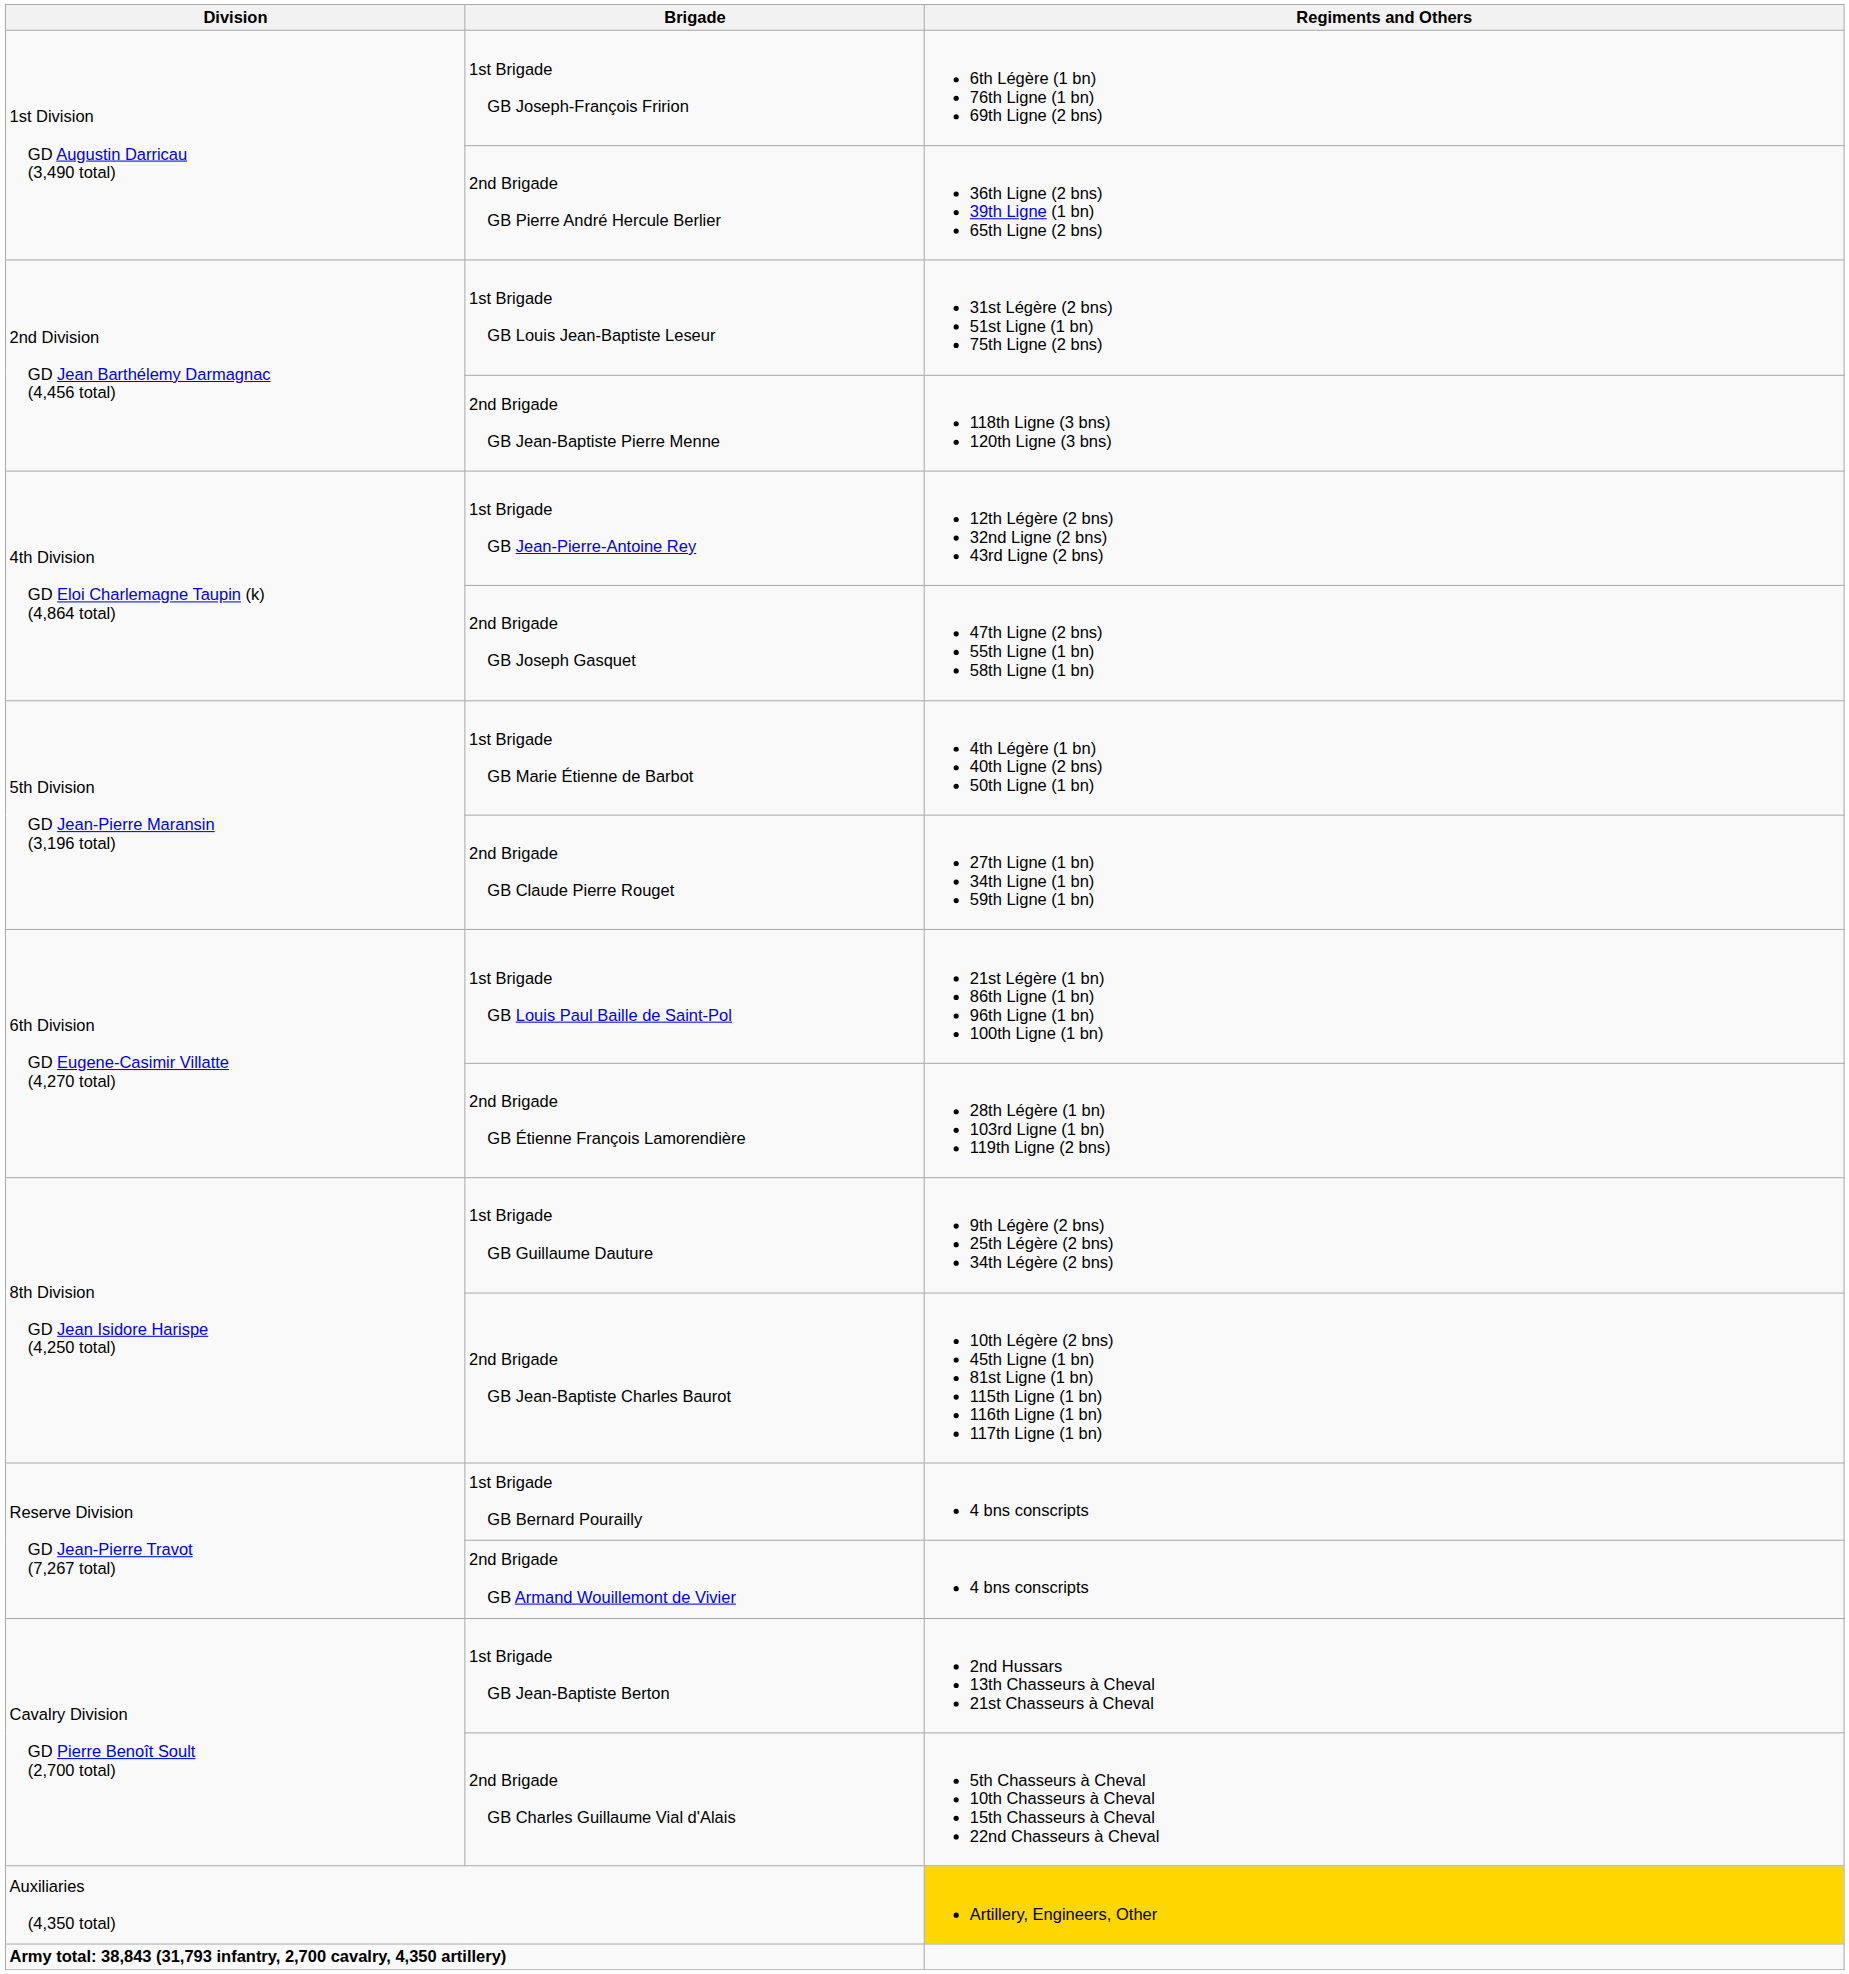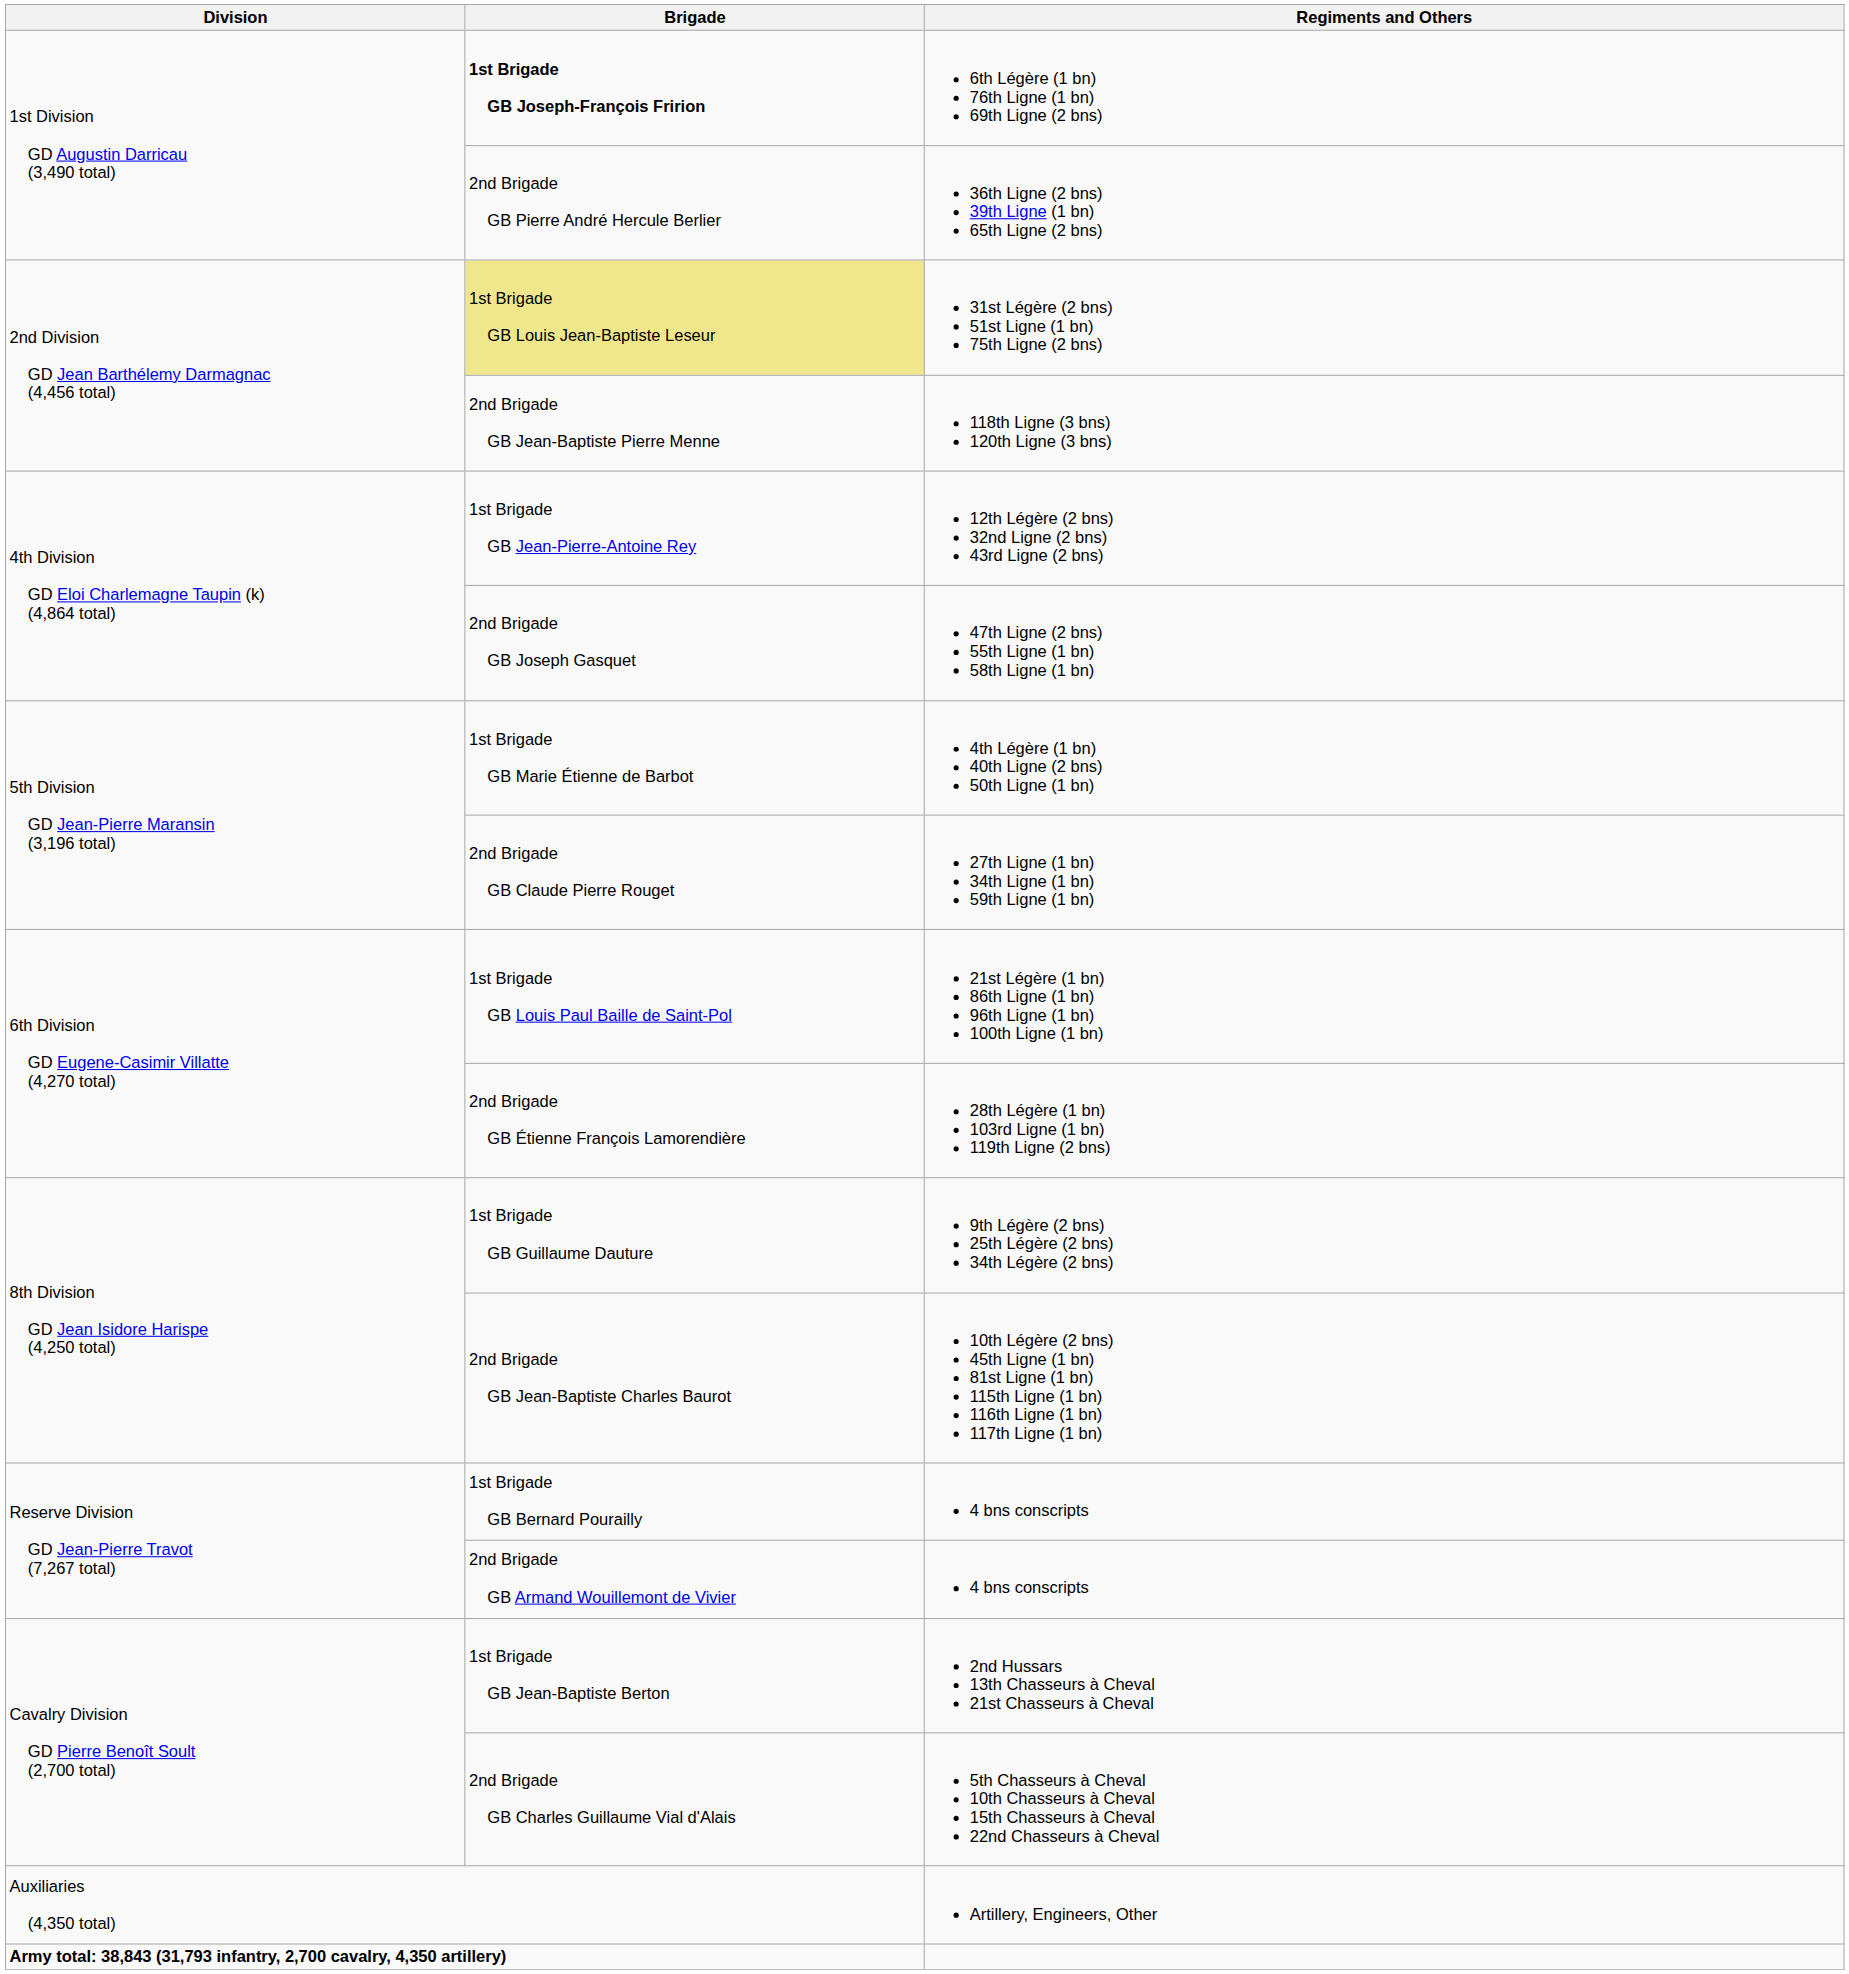 <table class="wikitable" width="90%" style="margin: 1em auto 1em auto">
 <tr>
 <th style="width:25%;">Division</th>
 <th style="width:25%;">Brigade</th>
 <th>Regiments and Others</th>
 </tr>
 <tr>
 <td rowspan=2>1st Division<br><br>    GD <a href='#'>Augustin Darricau</a> <br>    (3,490 total)</td>
-<td>1st Brigade<br><br>    GB Joseph-François Fririon</td>
+<td><strong>1st Brigade<br><br>    GB Joseph-François Fririon</strong></td>
 <td><br><ul><li>6th Légère (1 bn)</li><li>76th Ligne (1 bn)</li><li>69th Ligne (2 bns)</li></ul></td>
 </tr>
 <tr>
 <td>2nd Brigade<br><br>    GB Pierre André Hercule Berlier</td>
 <td><br><ul><li>36th Ligne (2 bns)</li><li><a href='#'>39th Ligne</a> (1 bn)</li><li>65th Ligne (2 bns)</li></ul></td>
 </tr>
 <tr>
 <td rowspan=2>2nd Division<br><br>    GD <a href='#'>Jean Barthélemy Darmagnac</a> <br>    (4,456 total)</td>
-<td>1st Brigade<br><br>    GB Louis Jean-Baptiste Leseur</td>
+<td style="background: khaki;">1st Brigade<br><br>    GB Louis Jean-Baptiste Leseur</td>
 <td><br><ul><li>31st Légère (2 bns)</li><li>51st Ligne (1 bn)</li><li>75th Ligne (2 bns)</li></ul></td>
 </tr>
 <tr>
 <td>2nd Brigade<br><br>    GB Jean-Baptiste Pierre Menne</td>
 <td><br><ul><li>118th Ligne (3 bns)</li><li>120th Ligne (3 bns)</li></ul></td>
 </tr>
 <tr>
 <td rowspan=2>4th Division<br><br>    GD <a href='#'>Eloi Charlemagne Taupin</a> (k) <br>    (4,864 total)</td>
 <td>1st Brigade<br><br>    GB <a href='#'>Jean-Pierre-Antoine Rey</a></td>
 <td><br><ul><li>12th Légère (2 bns)</li><li>32nd Ligne (2 bns)</li><li>43rd Ligne (2 bns)</li></ul></td>
 </tr>
 <tr>
 <td>2nd Brigade<br><br>    GB Joseph Gasquet</td>
 <td><br><ul><li>47th Ligne (2 bns)</li><li>55th Ligne (1 bn)</li><li>58th Ligne (1 bn)</li></ul></td>
 </tr>
 <tr>
 <td rowspan=2>5th Division<br><br>    GD <a href='#'>Jean-Pierre Maransin</a> <br>    (3,196 total)</td>
 <td>1st Brigade<br><br>    GB Marie Étienne de Barbot</td>
 <td><br><ul><li>4th Légère (1 bn)</li><li>40th Ligne (2 bns)</li><li>50th Ligne (1 bn)</li></ul></td>
 </tr>
 <tr>
 <td>2nd Brigade<br><br>    GB Claude Pierre Rouget</td>
 <td><br><ul><li>27th Ligne (1 bn)</li><li>34th Ligne (1 bn)</li><li>59th Ligne (1 bn)</li></ul></td>
 </tr>
 <tr>
 <td rowspan=2>6th Division<br><br>    GD <a href='#'>Eugene-Casimir Villatte</a> <br>    (4,270 total)</td>
 <td>1st Brigade<br><br>    GB <a href='#'>Louis Paul Baille de Saint-Pol</a></td>
 <td><br><ul><li>21st Légère (1 bn)</li><li>86th Ligne (1 bn)</li><li>96th Ligne (1 bn)</li><li>100th Ligne (1 bn)</li></ul></td>
 </tr>
 <tr>
 <td>2nd Brigade<br><br>    GB Étienne François Lamorendière</td>
 <td><br><ul><li>28th Légère (1 bn)</li><li>103rd Ligne (1 bn)</li><li>119th Ligne (2 bns)</li></ul></td>
 </tr>
 <tr>
 <td rowspan=2>8th Division<br><br>    GD <a href='#'>Jean Isidore Harispe</a> <br>    (4,250 total)</td>
 <td>1st Brigade<br><br>    GB Guillaume Dauture</td>
 <td><br><ul><li>9th Légère (2 bns)</li><li>25th Légère (2 bns)</li><li>34th Légère (2 bns)</li></ul></td>
 </tr>
 <tr>
 <td>2nd Brigade<br><br>    GB Jean-Baptiste Charles Baurot</td>
 <td><br><ul><li>10th Légère (2 bns)</li><li>45th Ligne (1 bn)</li><li>81st Ligne (1 bn)</li><li>115th Ligne (1 bn)</li><li>116th Ligne (1 bn)</li><li>117th Ligne (1 bn)</li></ul></td>
 </tr>
 <tr>
 <td rowspan=2>Reserve Division<br><br>    GD <a href='#'>Jean-Pierre Travot</a> <br>    (7,267 total)</td>
 <td>1st Brigade<br><br>    GB Bernard Pourailly</td>
 <td><br><ul><li>4 bns conscripts</li></ul></td>
 </tr>
 <tr>
 <td>2nd Brigade<br><br>    GB <a href='#'>Armand Wouillemont de Vivier</a></td>
 <td><br><ul><li>4 bns conscripts</li></ul></td>
 </tr>
 <tr>
 <td rowspan=2>Cavalry Division<br><br>    GD <a href='#'>Pierre Benoît Soult</a> <br>    (2,700 total)</td>
 <td>1st Brigade<br><br>    GB Jean-Baptiste Berton</td>
 <td><br><ul><li>2nd Hussars</li><li>13th Chasseurs à Cheval</li><li>21st Chasseurs à Cheval</li></ul></td>
 </tr>
 <tr>
 <td>2nd Brigade<br><br>    GB Charles Guillaume Vial d'Alais</td>
 <td><br><ul><li>5th Chasseurs à Cheval</li><li>10th Chasseurs à Cheval</li><li>15th Chasseurs à Cheval</li><li>22nd Chasseurs à Cheval</li></ul></td>
 </tr>
 <tr>
 <td colspan=2>Auxiliaries<br><br>    (4,350 total)</td>
-<td style="background: gold;"><br><ul><li>Artillery, Engineers, Other</li></ul></td>
+<td><br><ul><li>Artillery, Engineers, Other</li></ul></td>
 </tr>
 <tr>
 <td colspan=2><strong>Army total: 38,843 (31,793 infantry, 2,700 cavalry, 4,350 artillery)</strong></td>
 </tr>
 </table>
